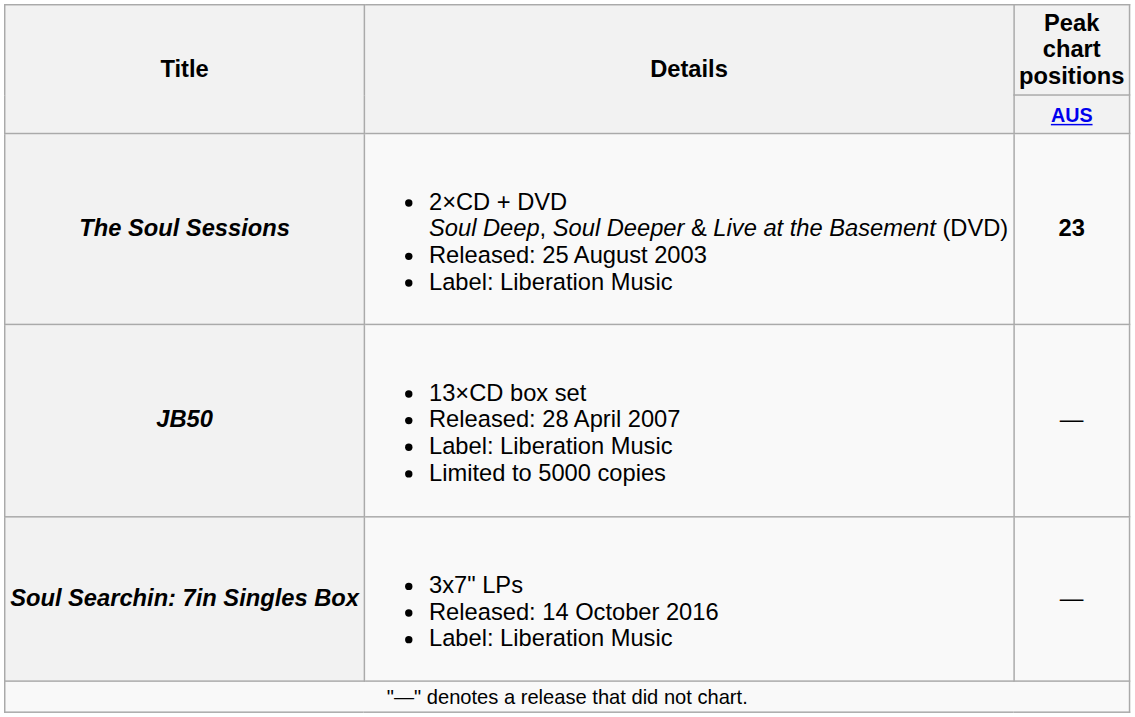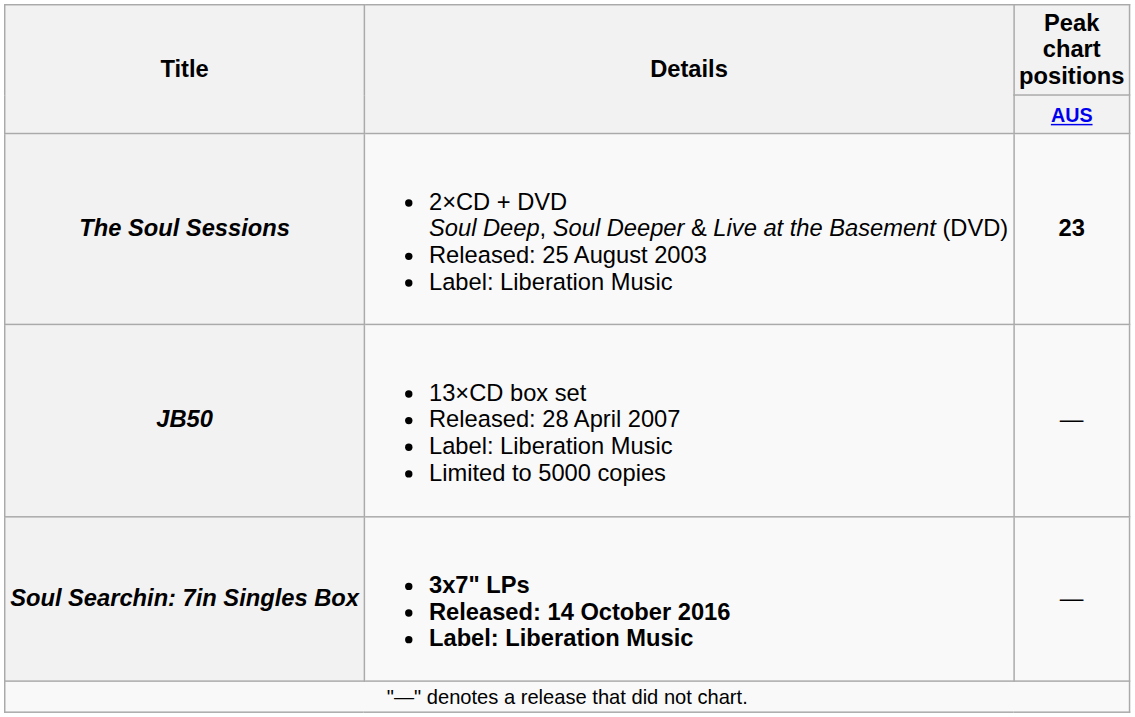 <table class="wikitable plainrowheaders">
 <tr>
 <th scope="col" rowspan="2">Title</th>
 <th scope="col" rowspan="2">Details</th>
 <th scope="col" colspan="1">Peak chart positions</th>
 </tr>
 <tr>
 <th scope="col" width="35"><small><a href='#'>AUS</a></small><br></th>
 </tr>
 <tr>
 <th scope="row"><em>The Soul Sessions</em></th>
 <td><br><ul><li>2×CD + DVD <br><em>Soul Deep</em>, <em>Soul Deeper</em> & <em>Live at the Basement</em> (DVD)</li><li>Released: 25 August 2003</li><li>Label: Liberation Music</li></ul></td>
 <td align="center"><strong>23</strong></td>
 </tr>
 <tr>
 <th scope="row"><em>JB50</em></th>
 <td><br><ul><li>13×CD box set</li><li>Released: 28 April 2007</li><li>Label: Liberation Music</li><li>Limited to 5000 copies</li></ul></td>
 <td align="center">—</td>
 </tr>
 <tr>
 <th scope="row"><em>Soul Searchin: 7in Singles Box</em></th>
-<td><br><ul><li>3x7" LPs</li><li>Released: 14 October 2016</li><li>Label: Liberation Music</li></ul></td>
+<td><strong><br><ul><li>3x7" LPs</li><li>Released: 14 October 2016</li><li>Label: Liberation Music</li></ul></strong></td>
 <td align="center">—</td>
 </tr>
 <tr>
 <td align="center" colspan="13" style="font-size: 85%">"—" denotes a release that did not chart.</td>
 </tr>
 </table>
